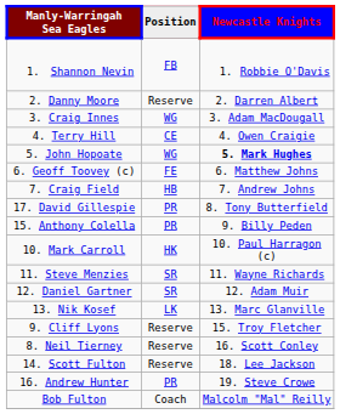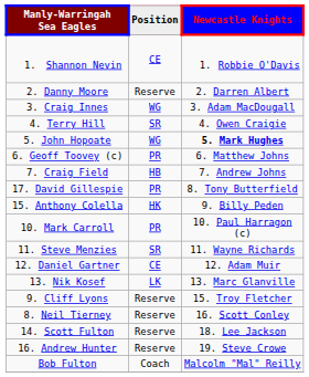 <table align="right" class="wikitable" style="font-size:90%; text-align:center; margin-left:1em">
 <tr bgcolor="#FF0033">
 <th style="width:140px; border:3px solid blue; background: maroon; color: white">Manly-Warringah<br>Sea Eagles</th>
 <th style="width:40px; text-align:center; background:#eee; color:black;">Position</th>
 <th style="width:140px; border:3px solid red; background: blue; color: red">Newcastle Knights</th>
 </tr>
 <tr>
 <td><br><ol><li><a href='#'>Shannon Nevin</a></li></ol></td>
-<td><a href='#'>FB</a></td>
+<td><a href='#'>CE</a></td>
 <td><br><ol><li><a href='#'>Robbie O'Davis</a></li></ol></td>
 </tr>
 <tr>
 <td>2. <a href='#'>Danny Moore</a></td>
 <td>Reserve</td>
 <td>2. <a href='#'>Darren Albert</a></td>
 </tr>
 <tr>
 <td>3. <a href='#'>Craig Innes</a></td>
 <td><a href='#'>WG</a></td>
 <td>3. <a href='#'>Adam MacDougall</a></td>
 </tr>
 <tr>
 <td>4. <a href='#'>Terry Hill</a></td>
-<td><a href='#'>CE</a></td>
+<td><a href='#'>SR</a></td>
 <td>4. <a href='#'>Owen Craigie</a></td>
 </tr>
 <tr>
 <td>5. <a href='#'>John Hopoate</a></td>
 <td><a href='#'>WG</a></td>
 <td><strong>5. <a href='#'>Mark Hughes</a></strong></td>
 </tr>
 <tr>
 <td>6. <a href='#'>Geoff Toovey</a> (c)</td>
-<td><a href='#'>FE</a></td>
+<td><a href='#'>PR</a></td>
 <td>6. <a href='#'>Matthew Johns</a></td>
 </tr>
 <tr>
 <td>7. <a href='#'>Craig Field</a></td>
 <td><a href='#'>HB</a></td>
 <td>7. <a href='#'>Andrew Johns</a></td>
 </tr>
 <tr>
 <td>17. <a href='#'>David Gillespie</a></td>
 <td><a href='#'>PR</a></td>
 <td>8. <a href='#'>Tony Butterfield</a></td>
 </tr>
 <tr>
 <td>15. <a href='#'>Anthony Colella</a></td>
-<td><a href='#'>PR</a></td>
+<td><a href='#'>HK</a></td>
 <td>9. <a href='#'>Billy Peden</a></td>
 </tr>
 <tr>
 <td>10. <a href='#'>Mark Carroll</a></td>
-<td><a href='#'>HK</a></td>
+<td><a href='#'>PR</a></td>
 <td>10. <a href='#'>Paul Harragon</a> (c)</td>
 </tr>
 <tr>
 <td>11. <a href='#'>Steve Menzies</a></td>
 <td><a href='#'>SR</a></td>
 <td>11. <a href='#'>Wayne Richards</a></td>
 </tr>
 <tr>
 <td>12. <a href='#'>Daniel Gartner</a></td>
-<td><a href='#'>SR</a></td>
+<td><a href='#'>CE</a></td>
 <td>12. <a href='#'>Adam Muir</a></td>
 </tr>
 <tr>
 <td>13. <a href='#'>Nik Kosef</a></td>
 <td><a href='#'>LK</a></td>
 <td>13. <a href='#'>Marc Glanville</a></td>
 </tr>
 <tr>
 <td>9. <a href='#'>Cliff Lyons</a></td>
 <td>Reserve</td>
 <td>15. <a href='#'>Troy Fletcher</a></td>
 </tr>
 <tr>
 <td>8. <a href='#'>Neil Tierney</a></td>
 <td>Reserve</td>
 <td>16. <a href='#'>Scott Conley</a></td>
 </tr>
 <tr>
 <td>14. <a href='#'>Scott Fulton</a></td>
 <td>Reserve</td>
 <td>18. <a href='#'>Lee Jackson</a></td>
 </tr>
 <tr>
 <td>16. <a href='#'>Andrew Hunter</a></td>
-<td><a href='#'>PR</a></td>
+<td>Reserve</td>
 <td>19. <a href='#'>Steve Crowe</a></td>
 </tr>
 <tr>
 <td><a href='#'>Bob Fulton</a></td>
 <td>Coach</td>
 <td><a href='#'>Malcolm "Mal" Reilly</a></td>
 </tr>
 <tr>
 </tr>
 </table>
